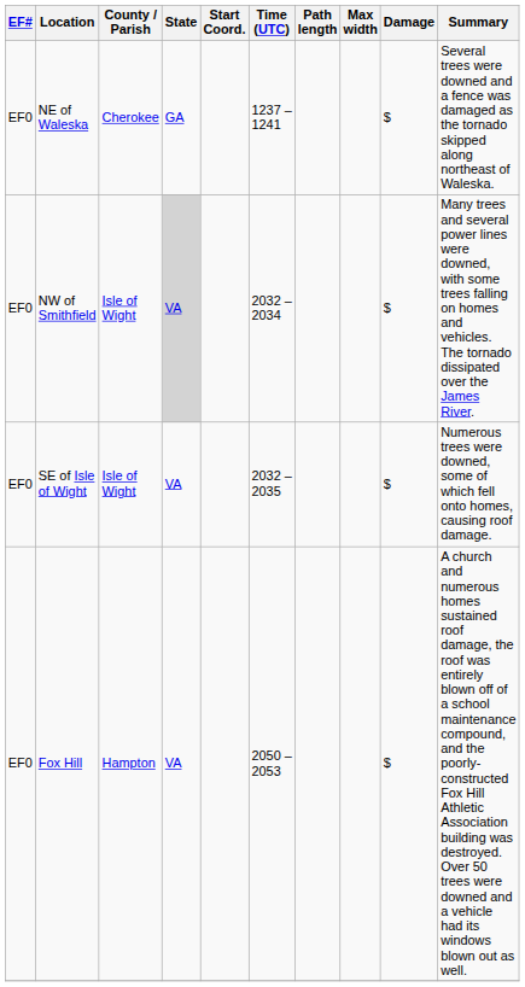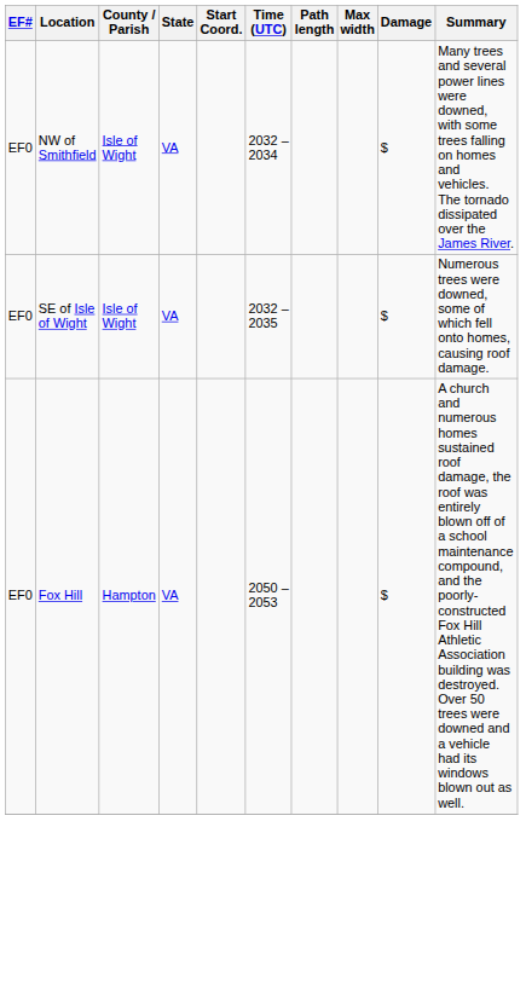 <table class="wikitable sortable" style="width:100%;">
 <tr>
 <th scope="col" width="3%" align="center"><a href='#'>EF#</a></th>
 <th scope="col" width="7%" align="center" class="unsortable">Location</th>
 <th scope="col" width="6%" align="center" class="unsortable">County / Parish</th>
 <th scope="col" width="5%" align="center">State</th>
 <th scope="col" width="6%" align="center">Start Coord.</th>
 <th scope="col" width="6%" align="center">Time (<a href='#'>UTC</a>)</th>
 <th scope="col" width="6%" align="center">Path length</th>
 <th scope="col" width="6%" align="center">Max width</th>
 <th scope="col" width="6%" align="center">Damage</th>
 <th scope="col" width="48%" class="unsortable" align="center">Summary</th>
 </tr>
 <tr>
 <td>EF0</td>
-<td>NE of <a href='#'>Waleska</a></td>
-<td><a href='#'>Cherokee</a></td>
-<td><a href='#'>GA</a></td>
-<td></td>
-<td>1237 – 1241</td>
-<td></td>
-<td></td>
-<td>$</td>
-<td>Several trees were downed and a fence was damaged as the tornado skipped along northeast of Waleska.</td>
-</tr>
-<tr>
-<td>EF0</td>
 <td>NW of <a href='#'>Smithfield</a></td>
 <td><a href='#'>Isle of Wight</a></td>
-<td style="background: lightgrey;"><a href='#'>VA</a></td>
+<td><a href='#'>VA</a></td>
 <td></td>
 <td>2032 – 2034</td>
 <td></td>
 <td></td>
 <td>$</td>
 <td>Many trees and several power lines were downed, with some trees falling on homes and vehicles. The tornado dissipated over the <a href='#'>James River</a>.</td>
 </tr>
 <tr>
 <td>EF0</td>
 <td>SE of <a href='#'>Isle of Wight</a></td>
 <td><a href='#'>Isle of Wight</a></td>
 <td><a href='#'>VA</a></td>
 <td></td>
 <td>2032 – 2035</td>
 <td></td>
 <td></td>
 <td>$</td>
 <td>Numerous trees were downed, some of which fell onto homes, causing roof damage.</td>
 </tr>
 <tr>
 <td>EF0</td>
 <td><a href='#'>Fox Hill</a></td>
 <td><a href='#'>Hampton</a></td>
 <td><a href='#'>VA</a></td>
 <td></td>
 <td>2050 – 2053</td>
 <td></td>
 <td></td>
 <td>$</td>
 <td>A church and numerous homes sustained roof damage, the roof was entirely blown off of a school maintenance compound, and the poorly-constructed Fox Hill Athletic Association building was destroyed. Over 50 trees were downed and a vehicle had its windows blown out as well.</td>
 </tr>
 <tr>
 </tr>
 </table>
